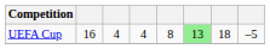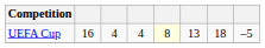 <table class="wikitable" style="text-align:center">
 <tr>
 <th>Competition</th>
 <th style="width:28px"></th>
 <th style="width:28px"></th>
 <th style="width:28px"></th>
 <th style="width:28px"></th>
 <th style="width:28px"></th>
 <th style="width:28px"></th>
 <th style="width:28px"></th>
 </tr>
 <tr>
 <td align=left><a href='#'>UEFA Cup</a></td>
 <td>16</td>
 <td>4</td>
 <td>4</td>
-<td>8</td>
-<td style="background: lightgreen;">13</td>
+<td style="background: lightyellow;">8</td>
+<td>13</td>
 <td>18</td>
 <td>–5</td>
 </tr>
 <tr>
 </tr>
 </table>
